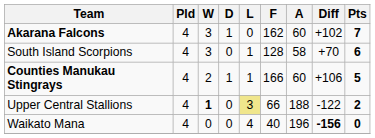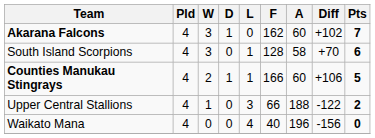 <table class="wikitable" style="text-align:center;">
 <tr>
 <th width=215>Team</th>
 <th width=20 abbr="Played">Pld</th>
 <th width=20 abbr="Won">W</th>
 <th width=20 abbr="Drawn">D</th>
 <th width=20 abbr="Lost">L</th>
 <th width=20 abbr="For">F</th>
 <th width=20 abbr="Against">A</th>
 <th width=20 abbr="Difference">Diff</th>
 <th width=20 abbr="Points">Pts</th>
 </tr>
 <tr>
 <td style="text-align:left;"><strong>Akarana Falcons</strong></td>
 <td>4</td>
 <td>3</td>
 <td>1</td>
 <td>0</td>
 <td>162</td>
 <td>60</td>
 <td>+102</td>
 <td><strong>7</strong></td>
 </tr>
 <tr>
 <td style="text-align:left;">South Island Scorpions</td>
 <td>4</td>
 <td>3</td>
 <td>0</td>
 <td>1</td>
 <td>128</td>
 <td>58</td>
 <td>+70</td>
 <td><strong>6</strong></td>
 </tr>
 <tr>
 <td style="text-align:left;"><strong>Counties Manukau Stingrays</strong></td>
 <td>4</td>
 <td>2</td>
 <td>1</td>
 <td>1</td>
 <td>166</td>
 <td>60</td>
 <td>+106</td>
 <td><strong>5</strong></td>
 </tr>
 <tr>
 <td style="text-align:left;">Upper Central Stallions</td>
 <td>4</td>
-<td><strong>1</strong></td>
+<td>1</td>
 <td>0</td>
-<td style="background: khaki;">3</td>
+<td>3</td>
 <td>66</td>
 <td>188</td>
 <td>-122</td>
 <td><strong>2</strong></td>
 </tr>
 <tr>
 <td style="text-align:left;">Waikato Mana</td>
 <td>4</td>
 <td>0</td>
 <td>0</td>
 <td>4</td>
 <td>40</td>
 <td>196</td>
-<td><strong>-156</strong></td>
+<td>-156</td>
 <td><strong>0</strong></td>
 </tr>
 <tr>
 </tr>
 </table>
